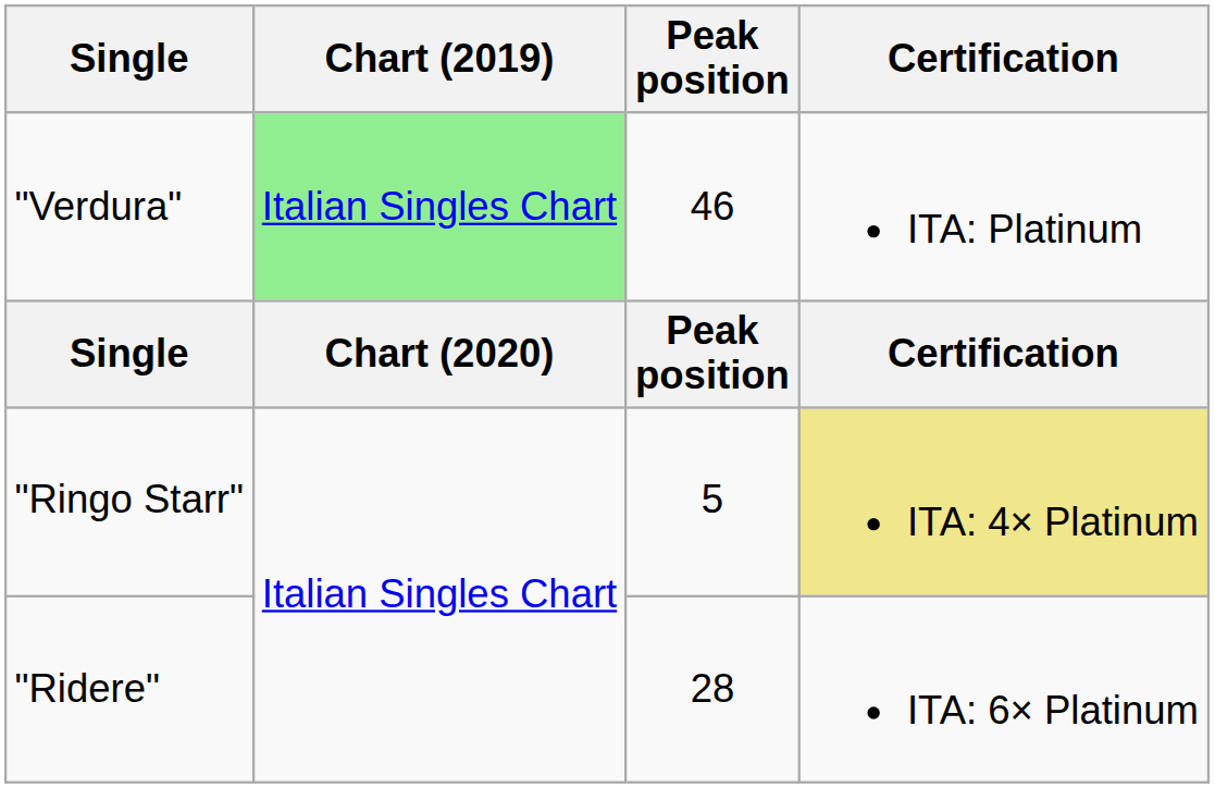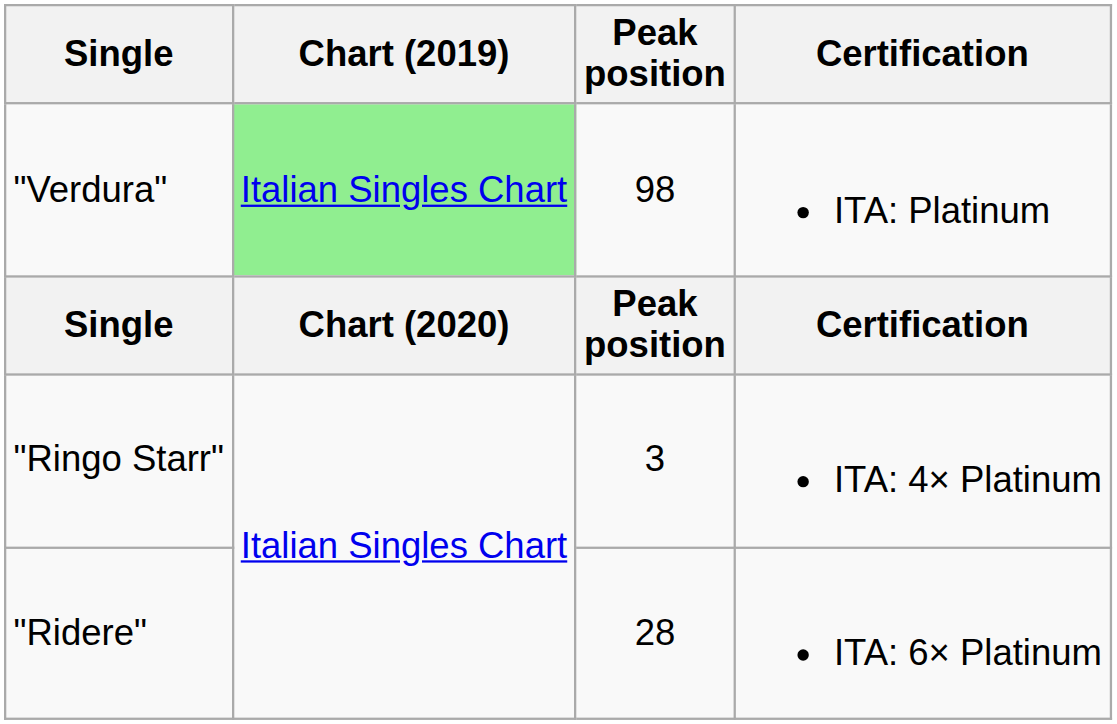 <table class="wikitable">
 <tr>
 <th align="left">Single</th>
 <th align="left">Chart (2019)</th>
 <th align="center">Peak <br>position</th>
 <th align="center">Certification</th>
 </tr>
 <tr>
 <td align="left">"Verdura"</td>
 <td align="left" style="background: lightgreen;"><a href='#'>Italian Singles Chart</a></td>
-<td align="center">46</td>
+<td align="center">98</td>
 <td align="left"><br><ul><li>ITA: Platinum</li></ul></td>
 </tr>
 <tr>
 <th align="left">Single</th>
 <th align="left">Chart (2020)</th>
 <th align="center">Peak <br>position</th>
 <th align="center">Certification</th>
 </tr>
 <tr>
 <td align="left">"Ringo Starr"</td>
 <td align="left" rowspan="2"><a href='#'>Italian Singles Chart</a></td>
-<td align="center">5</td>
-<td align="left" style="background: khaki;"><br><ul><li>ITA: 4× Platinum</li></ul></td>
+<td align="center">3</td>
+<td align="left"><br><ul><li>ITA: 4× Platinum</li></ul></td>
 </tr>
 <tr>
 <td align="left">"Ridere"</td>
 <td align="center">28</td>
 <td align="left"><br><ul><li>ITA: 6× Platinum</li></ul></td>
 </tr>
 </table>
